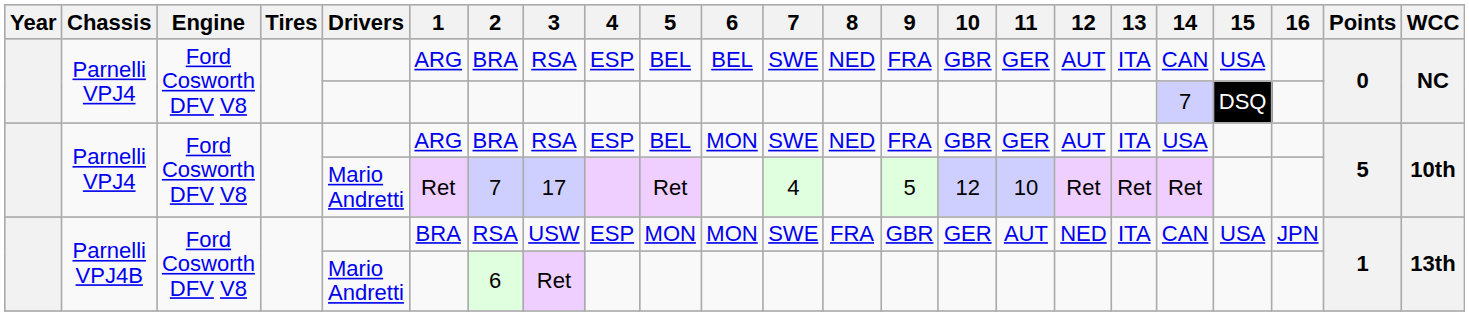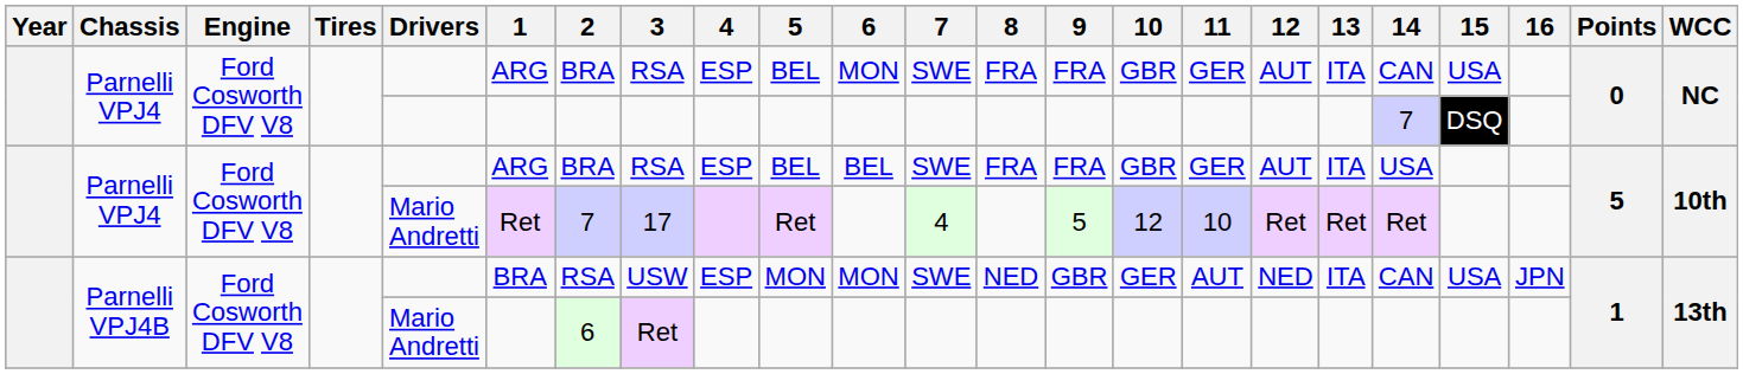 <table class="wikitable" style="text-align:center; font-size:85%">
 <tr>
 <th>Year</th>
 <th>Chassis</th>
 <th>Engine</th>
 <th>Tires</th>
 <th>Drivers</th>
 <th>1</th>
 <th>2</th>
 <th>3</th>
 <th>4</th>
 <th>5</th>
 <th>6</th>
 <th>7</th>
 <th>8</th>
 <th>9</th>
 <th>10</th>
 <th>11</th>
 <th>12</th>
 <th>13</th>
 <th>14</th>
 <th>15</th>
 <th>16</th>
 <th>Points</th>
 <th>WCC</th>
 </tr>
 <tr>
 <th rowspan="2"></th>
 <td rowspan="2"><a href='#'>Parnelli VPJ4</a></td>
 <td rowspan="2"><a href='#'>Ford</a> <a href='#'>Cosworth DFV</a> <a href='#'>V8</a></td>
 <td rowspan="2"></td>
 <td></td>
 <td><a href='#'>ARG</a></td>
 <td><a href='#'>BRA</a></td>
 <td><a href='#'>RSA</a></td>
 <td><a href='#'>ESP</a></td>
 <td><a href='#'>BEL</a></td>
-<td><a href='#'>BEL</a></td>
+<td><a href='#'>MON</a></td>
 <td><a href='#'>SWE</a></td>
-<td><a href='#'>NED</a></td>
+<td><a href='#'>FRA</a></td>
 <td><a href='#'>FRA</a></td>
 <td><a href='#'>GBR</a></td>
 <td><a href='#'>GER</a></td>
 <td><a href='#'>AUT</a></td>
 <td><a href='#'>ITA</a></td>
 <td><a href='#'>CAN</a></td>
 <td><a href='#'>USA</a></td>
 <td></td>
 <th rowspan="2">0</th>
 <th rowspan="2">NC</th>
 </tr>
 <tr>
 <td align="left"></td>
 <td></td>
 <td></td>
 <td></td>
 <td></td>
 <td></td>
 <td></td>
 <td></td>
 <td></td>
 <td></td>
 <td></td>
 <td></td>
 <td></td>
 <td></td>
 <td style="background:#CFCFFF;">7</td>
 <td style="background:#000000; color:white">DSQ</td>
 <td></td>
 </tr>
 <tr>
 <th rowspan="2"></th>
 <td rowspan="2"><a href='#'>Parnelli VPJ4</a></td>
 <td rowspan="2"><a href='#'>Ford</a> <a href='#'>Cosworth DFV</a> <a href='#'>V8</a></td>
 <td rowspan="2"><br></td>
 <td></td>
 <td><a href='#'>ARG</a></td>
 <td><a href='#'>BRA</a></td>
 <td><a href='#'>RSA</a></td>
 <td><a href='#'>ESP</a></td>
 <td><a href='#'>BEL</a></td>
-<td><a href='#'>MON</a></td>
+<td><a href='#'>BEL</a></td>
 <td><a href='#'>SWE</a></td>
-<td><a href='#'>NED</a></td>
+<td><a href='#'>FRA</a></td>
 <td><a href='#'>FRA</a></td>
 <td><a href='#'>GBR</a></td>
 <td><a href='#'>GER</a></td>
 <td><a href='#'>AUT</a></td>
 <td><a href='#'>ITA</a></td>
 <td><a href='#'>USA</a></td>
 <td></td>
 <td></td>
 <th rowspan="2">5</th>
 <th rowspan="2">10th</th>
 </tr>
 <tr>
 <td align="left"> <a href='#'>Mario Andretti</a></td>
 <td style="background:#EFCFFF;">Ret</td>
 <td style="background:#CFCFFF;">7</td>
 <td style="background:#CFCFFF;">17</td>
 <td style="background:#EFCFFF;"></td>
 <td style="background:#EFCFFF;">Ret</td>
 <td></td>
 <td style="background:#DFFFDF;">4</td>
 <td></td>
 <td style="background:#DFFFDF;">5</td>
 <td style="background:#CFCFFF;">12</td>
 <td style="background:#CFCFFF;">10</td>
 <td style="background:#EFCFFF;">Ret</td>
 <td style="background:#EFCFFF;">Ret</td>
 <td style="background:#EFCFFF;">Ret</td>
 <td></td>
 <td></td>
 </tr>
 <tr>
 <th rowspan="2"></th>
 <td rowspan="2"><a href='#'>Parnelli VPJ4B</a></td>
 <td rowspan="2"><a href='#'>Ford</a> <a href='#'>Cosworth DFV</a> <a href='#'>V8</a></td>
 <td rowspan="2"></td>
 <td></td>
 <td><a href='#'>BRA</a></td>
 <td><a href='#'>RSA</a></td>
 <td><a href='#'>USW</a></td>
 <td><a href='#'>ESP</a></td>
 <td><a href='#'>MON</a></td>
 <td><a href='#'>MON</a></td>
 <td><a href='#'>SWE</a></td>
-<td><a href='#'>FRA</a></td>
+<td><a href='#'>NED</a></td>
 <td><a href='#'>GBR</a></td>
 <td><a href='#'>GER</a></td>
 <td><a href='#'>AUT</a></td>
 <td><a href='#'>NED</a></td>
 <td><a href='#'>ITA</a></td>
 <td><a href='#'>CAN</a></td>
 <td><a href='#'>USA</a></td>
 <td><a href='#'>JPN</a></td>
 <th rowspan="2">1</th>
 <th rowspan="2">13th</th>
 </tr>
 <tr>
 <td align="left"> <a href='#'>Mario Andretti</a></td>
 <td></td>
 <td style="background:#DFFFDF;">6</td>
 <td style="background:#EFCFFF;">Ret</td>
 <td></td>
 <td></td>
 <td></td>
 <td></td>
 <td></td>
 <td></td>
 <td></td>
 <td></td>
 <td></td>
 <td></td>
 <td></td>
 <td></td>
 <td></td>
 </tr>
 </table>
